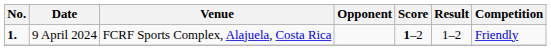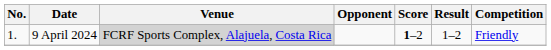 <table class="wikitable">
 <tr>
 <th>No.</th>
 <th>Date</th>
 <th>Venue</th>
 <th>Opponent</th>
 <th>Score</th>
 <th>Result</th>
 <th>Competition</th>
 </tr>
 <tr>
-<td><strong>1.</strong></td>
+<td>1.</td>
 <td>9 April 2024</td>
-<td>FCRF Sports Complex, <a href='#'>Alajuela</a>, <a href='#'>Costa Rica</a></td>
+<td style="background: lightgrey;">FCRF Sports Complex, <a href='#'>Alajuela</a>, <a href='#'>Costa Rica</a></td>
 <td></td>
 <td align=center><strong>1</strong>–2</td>
 <td align=center>1–2</td>
 <td><a href='#'>Friendly</a></td>
 </tr>
 <tr>
 </tr>
 </table>
